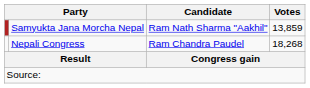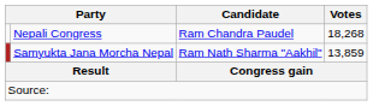 <table class="wikitable">
 <tr>
 <th colspan="2">Party</th>
 <th>Candidate</th>
 <th>Votes</th>
 </tr>
 <tr>
+<td style="background-color:"></td>
+<td><a href='#'>Nepali Congress</a></td>
+<td><a href='#'>Ram Chandra Paudel</a></td>
+<td>18,268</td>
+</tr>
+<tr>
 <td style="background-color:firebrick"></td>
 <td><a href='#'>Samyukta Jana Morcha Nepal</a></td>
 <td><a href='#'>Ram Nath Sharma "Aakhil"</a></td>
 <td>13,859</td>
-</tr>
-<tr>
-<td style="background-color:"></td>
-<td><a href='#'>Nepali Congress</a></td>
-<td><a href='#'>Ram Chandra Paudel</a></td>
-<td>18,268</td>
 </tr>
 <tr>
 <th colspan="2">Result</th>
 <th colspan="2">Congress gain</th>
 </tr>
 <tr>
 <td colspan="4">Source: </td>
 </tr>
 </table>
